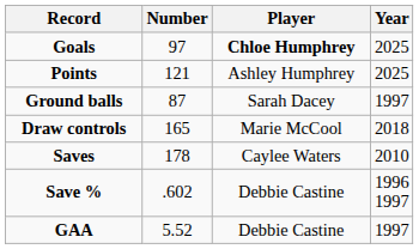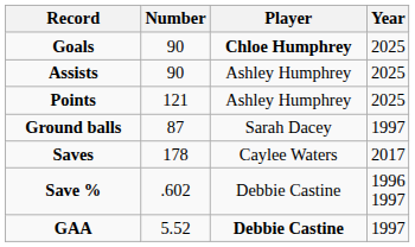 <table class="wikitable">
 <tr>
 <th style="width:120px; ">Record</th>
 <th style="width:35px; ">Number</th>
 <th style="width:140px; ">Player</th>
 <th style="width:30px; ">Year</th>
 </tr>
 <tr style="text-align:center;">
 <td><strong>Goals</strong></td>
-<td>97</td>
+<td>90</td>
 <td><strong>Chloe Humphrey</strong></td>
+<td>2025</td>
+</tr>
+<tr style="text-align:center;">
+<td><strong>Assists</strong></td>
+<td>90</td>
+<td>Ashley Humphrey</td>
 <td>2025</td>
 </tr>
 <tr style="text-align:center;">
 <td><strong>Points</strong></td>
 <td>121</td>
 <td>Ashley Humphrey</td>
 <td>2025</td>
 </tr>
 <tr style="text-align:center;">
 <td><strong>Ground balls</strong></td>
 <td>87</td>
 <td>Sarah Dacey</td>
 <td>1997</td>
 </tr>
 <tr style="text-align:center;">
-<td><strong>Draw controls</strong></td>
-<td>165</td>
-<td>Marie McCool</td>
-<td>2018</td>
-</tr>
-<tr style="text-align:center;">
 <td><strong>Saves</strong></td>
 <td>178</td>
 <td>Caylee Waters</td>
-<td>2010</td>
+<td>2017</td>
 </tr>
 <tr style="text-align:center;">
 <td><strong>Save %</strong></td>
 <td>.602</td>
 <td>Debbie Castine</td>
 <td>1996<br>1997</td>
 </tr>
 <tr style="text-align:center;">
 <td><strong>GAA</strong></td>
 <td>5.52</td>
-<td>Debbie Castine</td>
+<td><strong>Debbie Castine</strong></td>
 <td>1997</td>
 </tr>
 </table>
